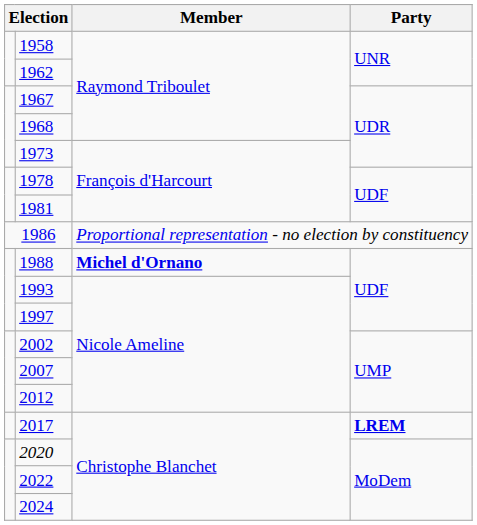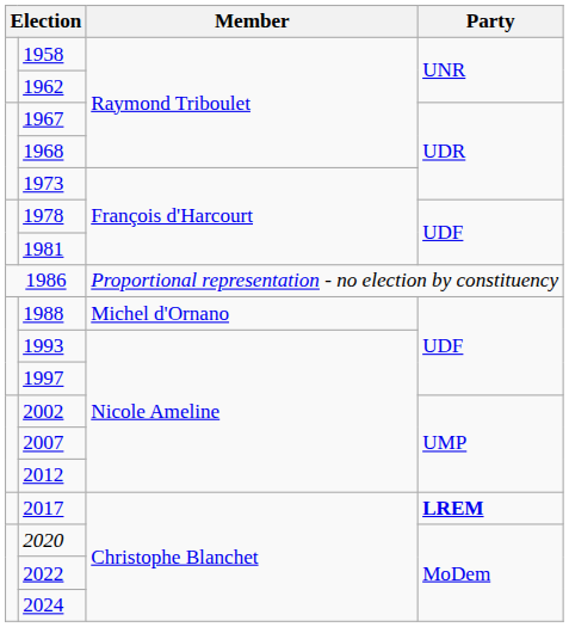 <table class="wikitable">
 <tr>
 <th colspan="2">Election</th>
 <th>Member</th>
 <th>Party</th>
 </tr>
 <tr>
 <td rowspan="2" style="color:inherit;background-color: "></td>
 <td><a href='#'>1958</a></td>
 <td rowspan="4"><a href='#'>Raymond Triboulet</a></td>
 <td rowspan="2"><a href='#'>UNR</a></td>
 </tr>
 <tr>
 <td><a href='#'>1962</a></td>
 </tr>
 <tr>
 <td rowspan="3" style="color:inherit;background-color: "></td>
 <td><a href='#'>1967</a></td>
 <td rowspan="3"><a href='#'>UDR</a></td>
 </tr>
 <tr>
 <td><a href='#'>1968</a></td>
 </tr>
 <tr>
 <td><a href='#'>1973</a></td>
 <td rowspan="3"><a href='#'>François d'Harcourt</a></td>
 </tr>
 <tr>
 <td rowspan="2" style="color:inherit;background-color: "></td>
 <td><a href='#'>1978</a></td>
 <td rowspan="2"><a href='#'>UDF</a></td>
 </tr>
 <tr>
 <td><a href='#'>1981</a></td>
 </tr>
 <tr>
 <td colspan="2" align="center"><a href='#'>1986</a></td>
 <td colspan="2"><em><a href='#'>Proportional representation</a> - no election by constituency</em></td>
 </tr>
 <tr>
 <td rowspan="3" style="color:inherit;background-color: "></td>
 <td><a href='#'>1988</a></td>
-<td><strong><a href='#'>Michel d'Ornano</a></strong></td>
+<td><a href='#'>Michel d'Ornano</a></td>
 <td rowspan="3"><a href='#'>UDF</a></td>
 </tr>
 <tr>
 <td><a href='#'>1993</a></td>
 <td rowspan="5"><a href='#'>Nicole Ameline</a></td>
 </tr>
 <tr>
 <td><a href='#'>1997</a></td>
 </tr>
 <tr>
 <td rowspan="3" style="color:inherit;background-color: "></td>
 <td><a href='#'>2002</a></td>
 <td rowspan="3"><a href='#'>UMP</a></td>
 </tr>
 <tr>
 <td><a href='#'>2007</a></td>
 </tr>
 <tr>
 <td><a href='#'>2012</a></td>
 </tr>
 <tr>
 <td style="color:inherit;background-color: "></td>
 <td><a href='#'>2017</a></td>
 <td rowspan="4"><a href='#'>Christophe Blanchet</a></td>
 <td><strong><a href='#'>LREM</a></strong></td>
 </tr>
 <tr>
 <td rowspan="3" style="color:inherit;background-color: "></td>
 <td><em>2020</em></td>
 <td rowspan="4"><a href='#'>MoDem</a></td>
 </tr>
 <tr>
 <td><a href='#'>2022</a></td>
 </tr>
 <tr>
 <td><a href='#'>2024</a></td>
 </tr>
 </table>
